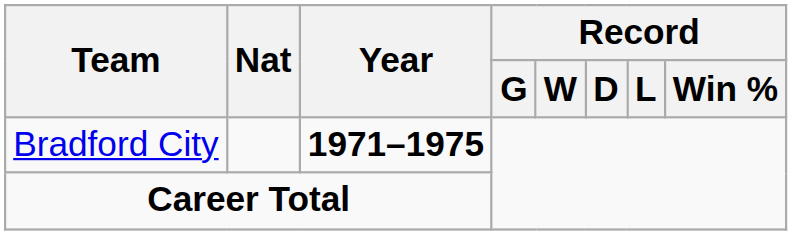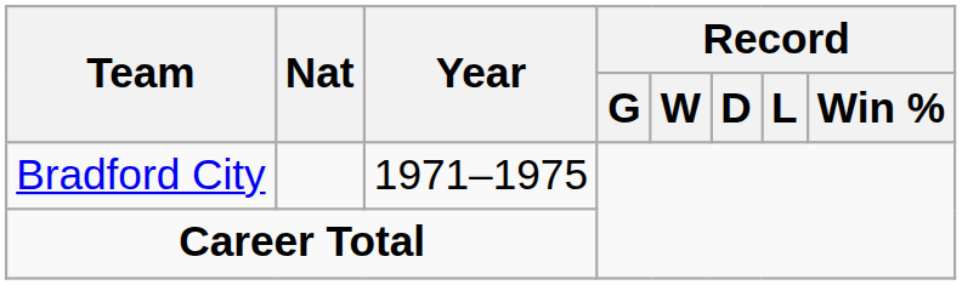 <table class="wikitable" style="text-align: center">
 <tr>
 <th rowspan="2">Team</th>
 <th rowspan="2">Nat</th>
 <th rowspan="2">Year</th>
 <th colspan="5">Record</th>
 </tr>
 <tr>
 <th>G</th>
 <th>W</th>
 <th>D</th>
 <th>L</th>
 <th>Win %</th>
 </tr>
 <tr>
 <td align="left"><a href='#'>Bradford City</a></td>
 <td></td>
-<td><strong>1971–1975<br></strong></td>
+<td>1971–1975<br></td>
 </tr>
 <tr>
 <td colspan=3><strong>Career Total</strong><br></td>
 </tr>
 </table>
